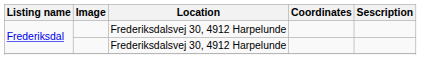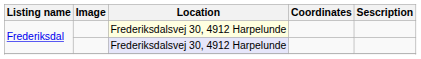 <table class="wikitable sortable">
 <tr>
 <th>Listing name</th>
 <th>Image</th>
 <th>Location</th>
 <th>Coordinates</th>
 <th>Sescription</th>
 </tr>
 <tr>
 <td rowspan="2"><a href='#'>Frederiksdal</a></td>
 <td></td>
-<td>Frederiksdalsvej 30, 4912 Harpelunde</td>
+<td style="background: lightyellow;">Frederiksdalsvej 30, 4912 Harpelunde</td>
 <td></td>
 <td></td>
 </tr>
 <tr>
 <td></td>
-<td>Frederiksdalsvej 30, 4912 Harpelunde</td>
+<td style="background: lavender;">Frederiksdalsvej 30, 4912 Harpelunde</td>
 <td></td>
 <td></td>
 </tr>
 <tr>
 </tr>
 <tr>
 </tr>
 </table>
